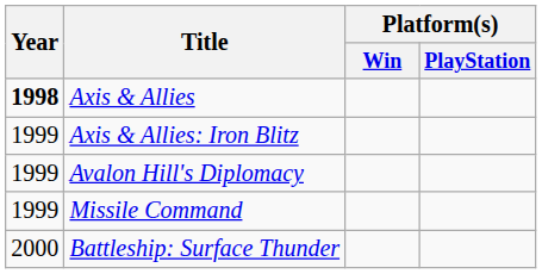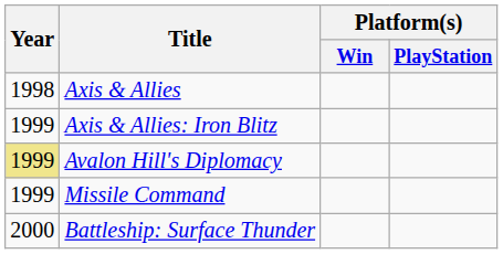 <table class="wikitable">
 <tr>
 <th rowspan="2">Year</th>
 <th rowspan="2">Title</th>
 <th colspan="4">Platform(s)</th>
 </tr>
 <tr>
 <th style="width:3em; font-size:90%"><a href='#'>Win</a></th>
 <th style="width:3em; font-size:90%"><a href='#'>PlayStation</a></th>
 </tr>
 <tr>
-<td><strong>1998</strong></td>
+<td>1998</td>
 <td><em><a href='#'>Axis & Allies</a></em></td>
 <td></td>
 <td></td>
 </tr>
 <tr>
 <td>1999</td>
 <td><em><a href='#'>Axis & Allies: Iron Blitz</a></em></td>
 <td></td>
 <td></td>
 </tr>
 <tr>
-<td>1999</td>
+<td style="background: khaki;">1999</td>
 <td><em><a href='#'>Avalon Hill's Diplomacy</a></em></td>
 <td></td>
 <td></td>
 </tr>
 <tr>
 <td>1999</td>
 <td><em><a href='#'>Missile Command</a></em></td>
 <td></td>
 <td></td>
 </tr>
 <tr>
 <td>2000</td>
 <td><em><a href='#'>Battleship: Surface Thunder</a></em></td>
 <td></td>
 <td></td>
 </tr>
 </table>
